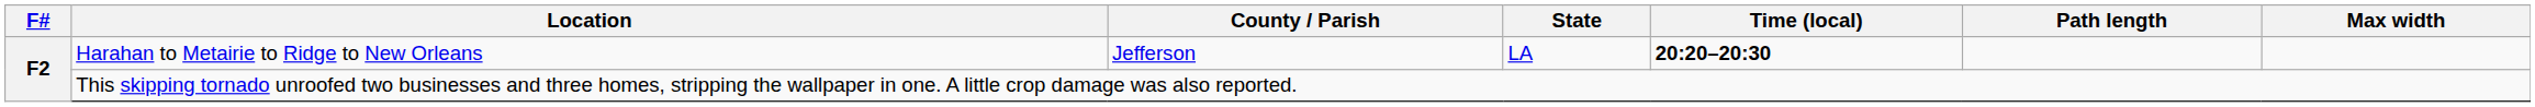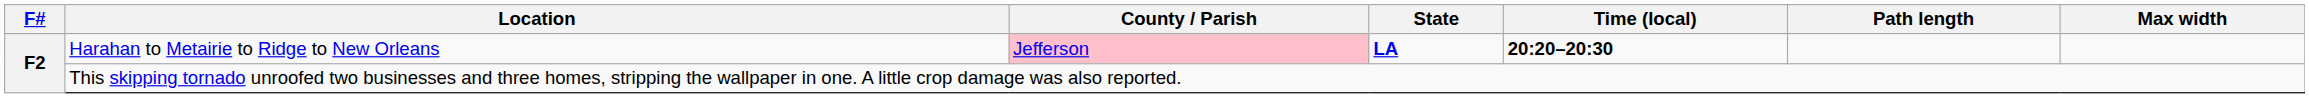 <table class="wikitable sortable" style="width:100%;">
 <tr>
 <th scope="col" align="center"><a href='#'>F#</a><br></th>
 <th scope="col" align="center" class="unsortable">Location</th>
 <th scope="col" align="center" class="unsortable">County / Parish</th>
 <th scope="col" align="center">State</th>
 <th scope="col" align="center">Time (local)</th>
 <th scope="col" align="center">Path length</th>
 <th scope="col" align="center">Max width</th>
 </tr>
 <tr>
 <th scope="row" rowspan="2" style="background-color:#">F2</th>
 <td><a href='#'>Harahan</a> to <a href='#'>Metairie</a> to <a href='#'>Ridge</a> to <a href='#'>New Orleans</a></td>
-<td><a href='#'>Jefferson</a></td>
-<td><a href='#'>LA</a></td>
+<td style="background: pink;"><a href='#'>Jefferson</a></td>
+<td><strong><a href='#'>LA</a></strong></td>
 <td><strong>20:20–20:30</strong></td>
 <td></td>
 <td></td>
 </tr>
 <tr class="expand-child">
 <td colspan="6" style="border-bottom: 1px solid black;">This <a href='#'>skipping tornado</a> unroofed two businesses and three homes, stripping the wallpaper in one. A little crop damage was also reported.</td>
 </tr>
 </table>
